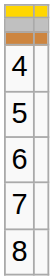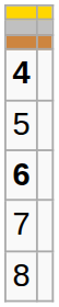 <table class="wikitable">
 <tr style="background:gold;">
 <td align=center></td>
 <td></td>
 </tr>
 <tr style="background:silver;">
 <td align=center></td>
 <td></td>
 </tr>
 <tr style="background:peru;">
 <td align=center></td>
 <td></td>
 </tr>
 <tr>
-<td align=center>4</td>
+<td align=center><strong>4</strong></td>
 <td></td>
 </tr>
 <tr>
 <td align=center>5</td>
 <td></td>
 </tr>
 <tr>
-<td align=center>6</td>
+<td align=center><strong>6</strong></td>
 <td></td>
 </tr>
 <tr>
 <td align=center>7</td>
 <td></td>
 </tr>
 <tr>
 <td align=center>8</td>
 <td></td>
 </tr>
 </table>
